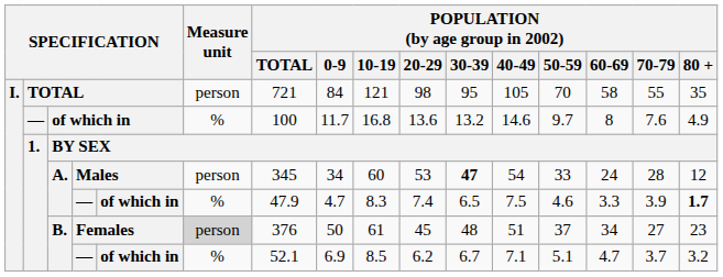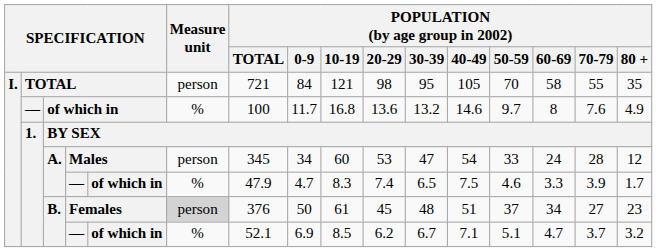 <table class="wikitable" style="font-size:85%; text-align:center">
 <tr>
 <th rowspan="2" colspan="5">SPECIFICATION</th>
 <th rowspan="2">Measure<br> unit</th>
 <th colspan="10" rowspan="1">POPULATION<br> (by age group in 2002)</th>
 </tr>
 <tr>
 <th>TOTAL</th>
 <th>0-9</th>
 <th>10-19</th>
 <th>20-29</th>
 <th>30-39</th>
 <th>40-49</th>
 <th>50-59</th>
 <th>60-69</th>
 <th>70-79</th>
 <th>80 +</th>
 </tr>
 <tr>
 <th style="text-align:left" valign="top" rowspan="7">I.</th>
 <th style="text-align:left" colspan="4">TOTAL</th>
 <td>person</td>
 <td>721</td>
 <td>84</td>
 <td>121</td>
 <td>98</td>
 <td>95</td>
 <td>105</td>
 <td>70</td>
 <td>58</td>
 <td>55</td>
 <td>35</td>
 </tr>
 <tr>
 <th style="text-align:left" valign="top">—</th>
 <th style="text-align:left" colspan="3">of which in</th>
 <td>%</td>
 <td>100</td>
 <td>11.7</td>
 <td>16.8</td>
 <td>13.6</td>
 <td>13.2</td>
 <td>14.6</td>
 <td>9.7</td>
 <td>8</td>
 <td>7.6</td>
 <td>4.9</td>
 </tr>
 <tr>
 <th style="text-align:left" valign="top" rowspan="5">1.</th>
 <th style="text-align:left" colspan="14">BY SEX</th>
 </tr>
 <tr>
 <th style="text-align:left" valign="top" rowspan="2">A.</th>
 <th style="text-align:left" colspan="2">Males</th>
 <td>person</td>
 <td>345</td>
 <td>34</td>
 <td>60</td>
 <td>53</td>
-<td><strong>47</strong></td>
+<td>47</td>
 <td>54</td>
 <td>33</td>
 <td>24</td>
 <td>28</td>
 <td>12</td>
 </tr>
 <tr>
 <th style="text-align:left" valign="top">—</th>
 <th style="text-align:left" colspan="1">of which in</th>
 <td>%</td>
 <td>47.9</td>
 <td>4.7</td>
 <td>8.3</td>
 <td>7.4</td>
 <td>6.5</td>
 <td>7.5</td>
 <td>4.6</td>
 <td>3.3</td>
 <td>3.9</td>
-<td><strong>1.7</strong></td>
+<td>1.7</td>
 </tr>
 <tr>
 <th style="text-align:left" valign="top" rowspan="2">B.</th>
 <th style="text-align:left" colspan="2">Females</th>
 <td style="background: lightgrey;">person</td>
 <td>376</td>
 <td>50</td>
 <td>61</td>
 <td>45</td>
 <td>48</td>
 <td>51</td>
 <td>37</td>
 <td>34</td>
 <td>27</td>
 <td>23</td>
 </tr>
 <tr>
 <th style="text-align:left" valign="top">—</th>
 <th style="text-align:left" colspan="1">of which in</th>
 <td>%</td>
 <td>52.1</td>
 <td>6.9</td>
 <td>8.5</td>
 <td>6.2</td>
 <td>6.7</td>
 <td>7.1</td>
 <td>5.1</td>
 <td>4.7</td>
 <td>3.7</td>
 <td>3.2</td>
 </tr>
 </table>
